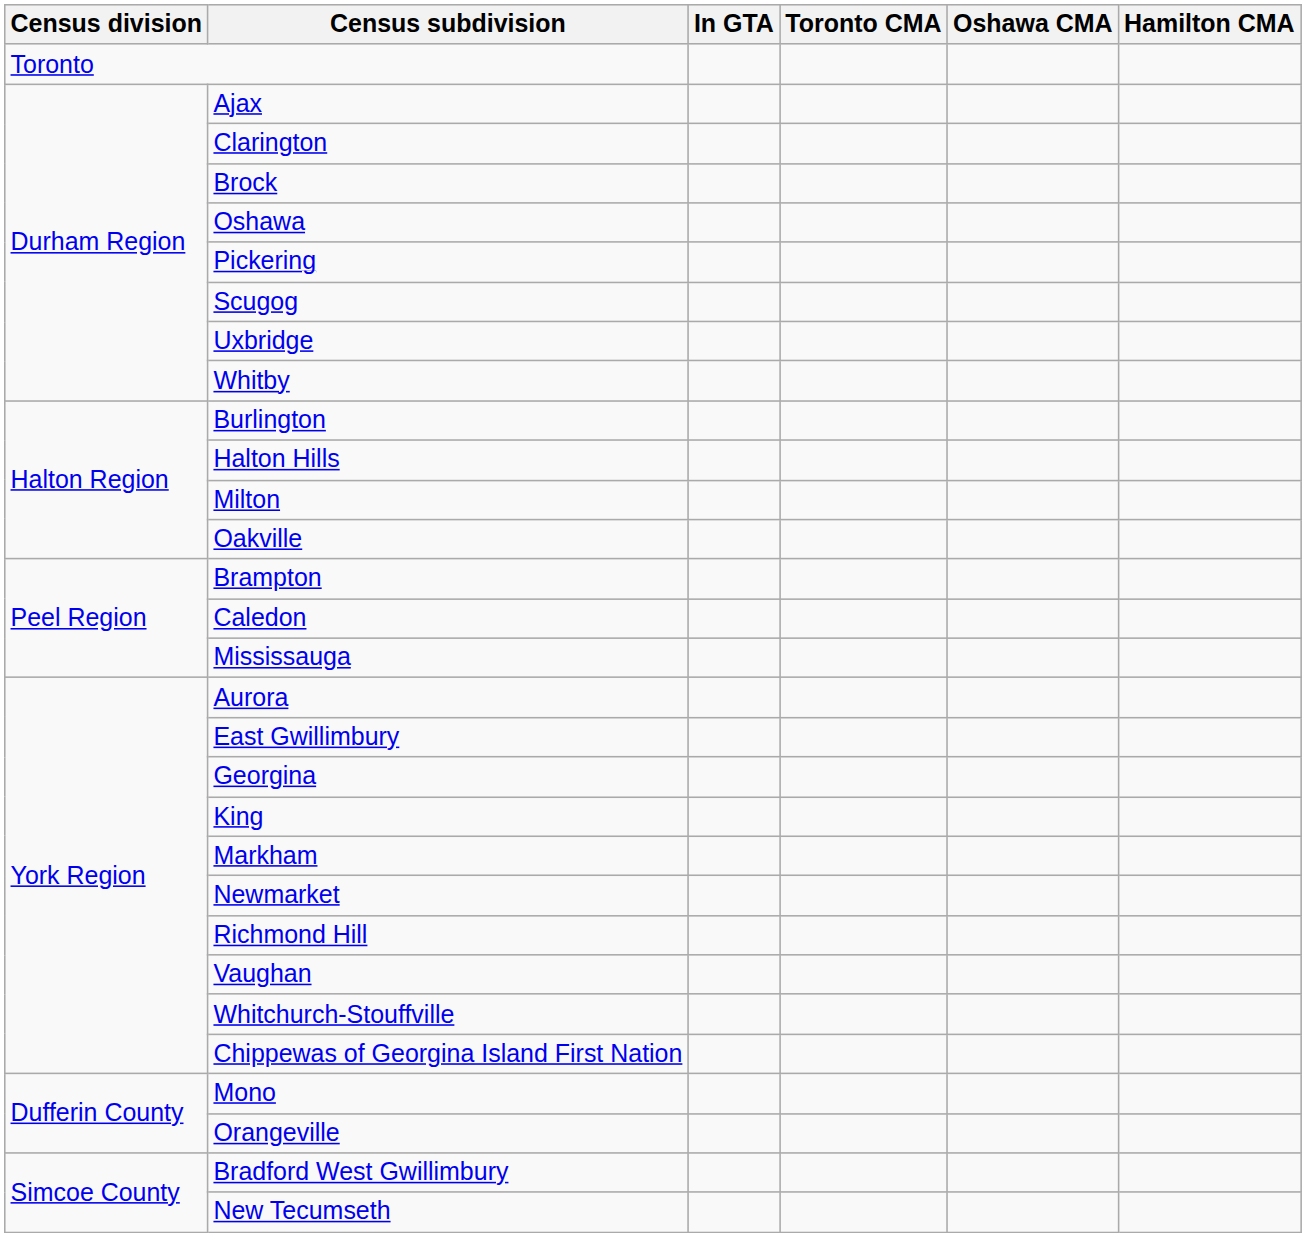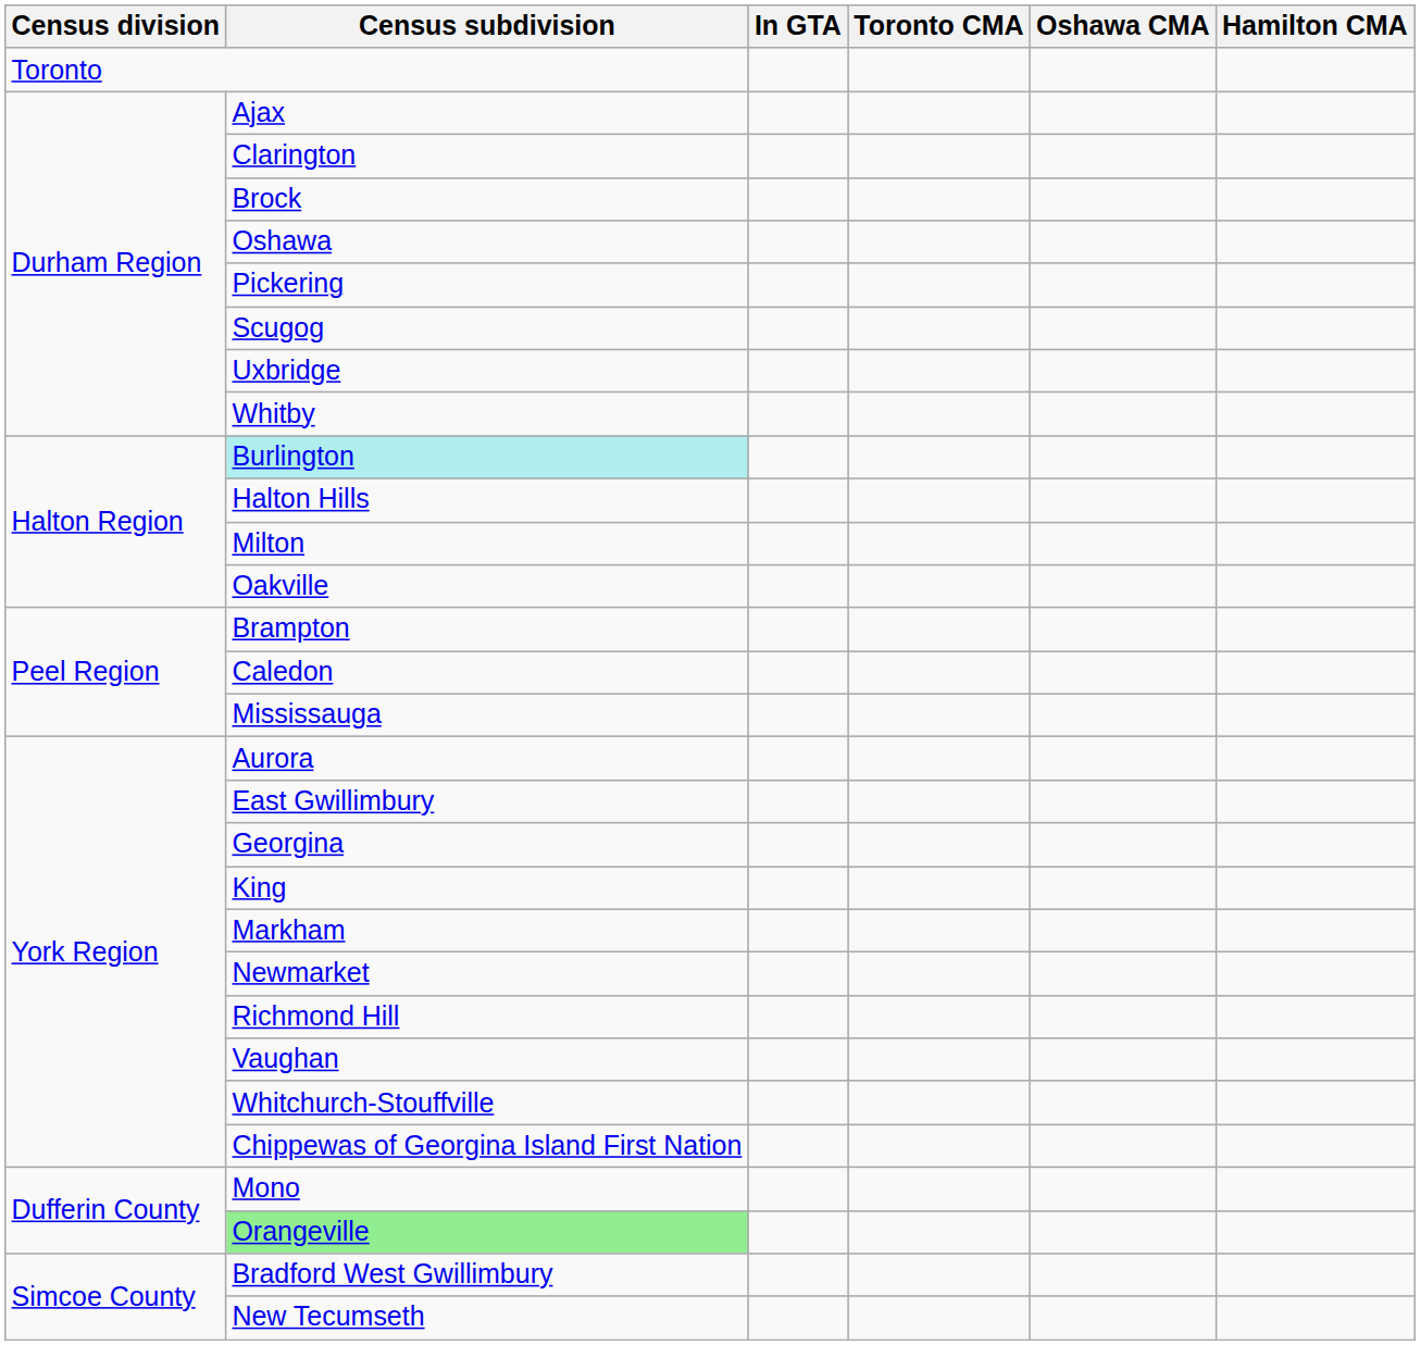 <table class="wikitable">
 <tr>
 <th>Census division</th>
 <th>Census subdivision</th>
 <th>In GTA</th>
 <th>Toronto CMA</th>
 <th>Oshawa CMA</th>
 <th>Hamilton CMA</th>
 </tr>
 <tr>
 <td colspan = "2"><a href='#'>Toronto</a></td>
 <td></td>
 <td></td>
 <td></td>
 <td></td>
 </tr>
 <tr>
 <td rowspan = "8"><a href='#'>Durham Region</a></td>
 <td><a href='#'>Ajax</a></td>
 <td></td>
 <td></td>
 <td></td>
 <td></td>
 </tr>
 <tr>
 <td><a href='#'>Clarington</a></td>
 <td></td>
 <td></td>
 <td></td>
 <td></td>
 </tr>
 <tr>
 <td><a href='#'>Brock</a></td>
 <td></td>
 <td></td>
 <td></td>
 <td></td>
 </tr>
 <tr>
 <td><a href='#'>Oshawa</a></td>
 <td></td>
 <td></td>
 <td></td>
 <td></td>
 </tr>
 <tr>
 <td><a href='#'>Pickering</a></td>
 <td></td>
 <td></td>
 <td></td>
 <td></td>
 </tr>
 <tr>
 <td><a href='#'>Scugog</a></td>
 <td></td>
 <td></td>
 <td></td>
 <td></td>
 </tr>
 <tr>
 <td><a href='#'>Uxbridge</a></td>
 <td></td>
 <td></td>
 <td></td>
 <td></td>
 </tr>
 <tr>
 <td><a href='#'>Whitby</a></td>
 <td></td>
 <td></td>
 <td></td>
 <td></td>
 </tr>
 <tr>
 <td rowspan = "4"><a href='#'>Halton Region</a></td>
-<td><a href='#'>Burlington</a></td>
+<td style="background: paleturquoise;"><a href='#'>Burlington</a></td>
 <td></td>
 <td></td>
 <td></td>
 <td></td>
 </tr>
 <tr>
 <td><a href='#'>Halton Hills</a></td>
 <td></td>
 <td></td>
 <td></td>
 <td></td>
 </tr>
 <tr>
 <td><a href='#'>Milton</a></td>
 <td></td>
 <td></td>
 <td></td>
 <td></td>
 </tr>
 <tr>
 <td><a href='#'>Oakville</a></td>
 <td></td>
 <td></td>
 <td></td>
 <td></td>
 </tr>
 <tr>
 <td rowspan = "3"><a href='#'>Peel Region</a></td>
 <td><a href='#'>Brampton</a></td>
 <td></td>
 <td></td>
 <td></td>
 <td></td>
 </tr>
 <tr>
 <td><a href='#'>Caledon</a></td>
 <td></td>
 <td></td>
 <td></td>
 <td></td>
 </tr>
 <tr>
 <td><a href='#'>Mississauga</a></td>
 <td></td>
 <td></td>
 <td></td>
 <td></td>
 </tr>
 <tr>
 <td rowspan = "10"><a href='#'>York Region</a></td>
 <td><a href='#'>Aurora</a></td>
 <td></td>
 <td></td>
 <td></td>
 <td></td>
 </tr>
 <tr>
 <td><a href='#'>East Gwillimbury</a></td>
 <td></td>
 <td></td>
 <td></td>
 <td></td>
 </tr>
 <tr>
 <td><a href='#'>Georgina</a></td>
 <td></td>
 <td></td>
 <td></td>
 <td></td>
 </tr>
 <tr>
 <td><a href='#'>King</a></td>
 <td></td>
 <td></td>
 <td></td>
 <td></td>
 </tr>
 <tr>
 <td><a href='#'>Markham</a></td>
 <td></td>
 <td></td>
 <td></td>
 <td></td>
 </tr>
 <tr>
 <td><a href='#'>Newmarket</a></td>
 <td></td>
 <td></td>
 <td></td>
 <td></td>
 </tr>
 <tr>
 <td><a href='#'>Richmond Hill</a></td>
 <td></td>
 <td></td>
 <td></td>
 <td></td>
 </tr>
 <tr>
 <td><a href='#'>Vaughan</a></td>
 <td></td>
 <td></td>
 <td></td>
 <td></td>
 </tr>
 <tr>
 <td><a href='#'>Whitchurch-Stouffville</a></td>
 <td></td>
 <td></td>
 <td></td>
 <td></td>
 </tr>
 <tr>
 <td><a href='#'>Chippewas of Georgina Island First Nation</a></td>
 <td></td>
 <td></td>
 <td></td>
 <td></td>
 </tr>
 <tr>
 <td rowspan = "2"><a href='#'>Dufferin County</a></td>
 <td><a href='#'>Mono</a></td>
 <td></td>
 <td></td>
 <td></td>
 <td></td>
 </tr>
 <tr>
-<td><a href='#'>Orangeville</a></td>
+<td style="background: lightgreen;"><a href='#'>Orangeville</a></td>
 <td></td>
 <td></td>
 <td></td>
 <td></td>
 </tr>
 <tr>
 <td rowspan = "2"><a href='#'>Simcoe County</a></td>
 <td><a href='#'>Bradford West Gwillimbury</a></td>
 <td></td>
 <td></td>
 <td></td>
 <td></td>
 </tr>
 <tr>
 <td><a href='#'>New Tecumseth</a></td>
 <td></td>
 <td></td>
 <td></td>
 <td></td>
 </tr>
 </table>
